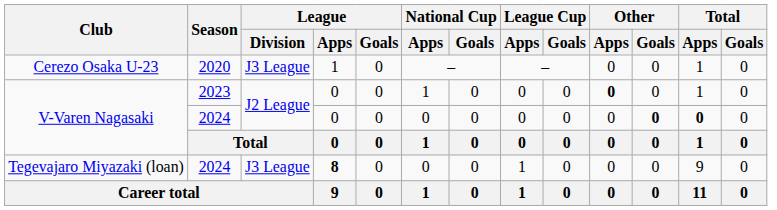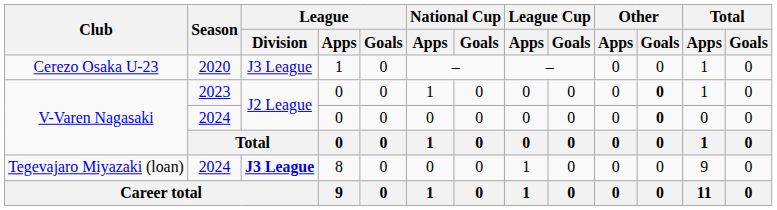 <table class=wikitable style=text-align:center>
 <tr>
 <th rowspan="2">Club</th>
 <th rowspan="2">Season</th>
 <th colspan="3">League</th>
 <th colspan="2">National Cup</th>
 <th colspan="2">League Cup</th>
 <th colspan="2">Other</th>
 <th colspan="2">Total</th>
 </tr>
 <tr>
 <th>Division</th>
 <th>Apps</th>
 <th>Goals</th>
 <th>Apps</th>
 <th>Goals</th>
 <th>Apps</th>
 <th>Goals</th>
 <th>Apps</th>
 <th>Goals</th>
 <th>Apps</th>
 <th>Goals</th>
 </tr>
 <tr>
 <td><a href='#'>Cerezo Osaka U-23</a></td>
 <td><a href='#'>2020</a></td>
 <td><a href='#'>J3 League</a></td>
 <td>1</td>
 <td>0</td>
 <td colspan="2">–</td>
 <td colspan="2">–</td>
 <td>0</td>
 <td>0</td>
 <td>1</td>
 <td>0</td>
 </tr>
 <tr>
 <td rowspan="3"><a href='#'>V-Varen Nagasaki</a></td>
 <td><a href='#'>2023</a></td>
 <td rowspan="2"><a href='#'>J2 League</a></td>
 <td>0</td>
 <td>0</td>
 <td>1</td>
 <td>0</td>
 <td>0</td>
 <td>0</td>
+<td>0</td>
 <td><strong>0</strong></td>
-<td>0</td>
 <td>1</td>
 <td>0</td>
 </tr>
 <tr>
 <td><a href='#'>2024</a></td>
 <td>0</td>
 <td>0</td>
 <td>0</td>
 <td>0</td>
 <td>0</td>
 <td>0</td>
 <td>0</td>
 <td><strong>0</strong></td>
-<td><strong>0</strong></td>
+<td>0</td>
 <td>0</td>
 </tr>
 <tr>
 <th colspan=2>Total</th>
 <th>0</th>
 <th>0</th>
 <th>1</th>
 <th>0</th>
 <th>0</th>
 <th>0</th>
 <th>0</th>
 <th>0</th>
 <th>1</th>
 <th>0</th>
 </tr>
 <tr>
 <td><a href='#'>Tegevajaro Miyazaki</a> (loan)</td>
 <td><a href='#'>2024</a></td>
-<td><a href='#'>J3 League</a></td>
-<td><strong>8</strong></td>
+<td><strong><a href='#'>J3 League</a></strong></td>
+<td>8</td>
 <td>0</td>
 <td>0</td>
 <td>0</td>
 <td>1</td>
 <td>0</td>
 <td>0</td>
 <td>0</td>
 <td>9</td>
 <td>0</td>
 </tr>
 <tr>
 <th colspan=3>Career total</th>
 <th>9</th>
 <th>0</th>
 <th>1</th>
 <th>0</th>
 <th>1</th>
 <th>0</th>
 <th>0</th>
 <th>0</th>
 <th>11</th>
 <th>0</th>
 </tr>
 </table>
